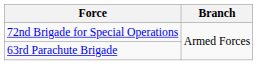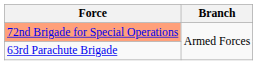 <table class="wikitable" align="center">
 <tr>
 <th>Force</th>
 <th>Branch</th>
 </tr>
 <tr>
-<td> <a href='#'>72nd Brigade for Special Operations</a></td>
+<td style="background: lightsalmon;"> <a href='#'>72nd Brigade for Special Operations</a></td>
 <td rowspan=3> Armed Forces</td>
 </tr>
 <tr>
 <td> <a href='#'>63rd Parachute Brigade</a></td>
 </tr>
 </table>
